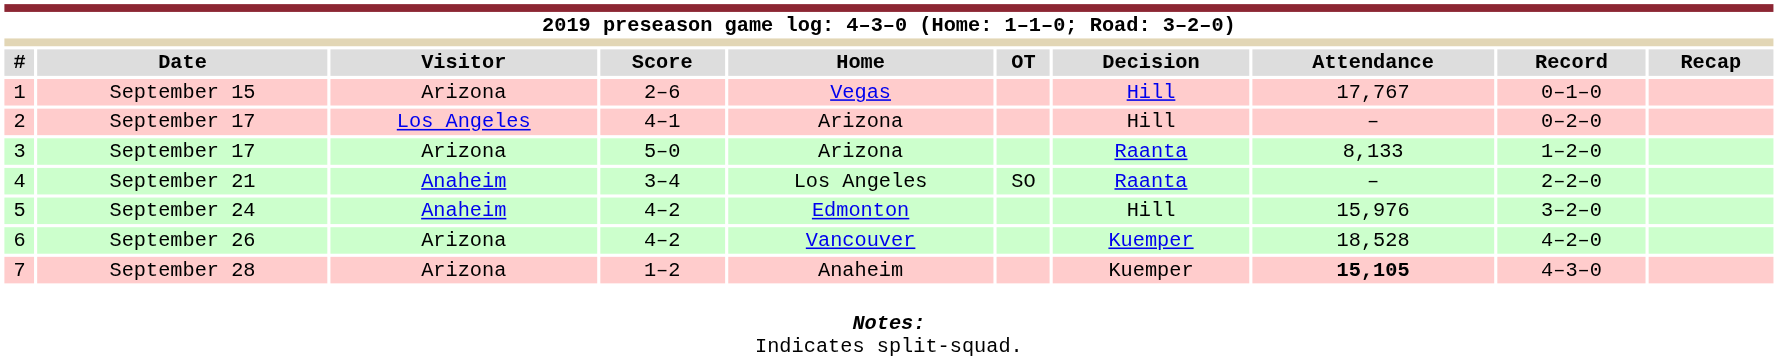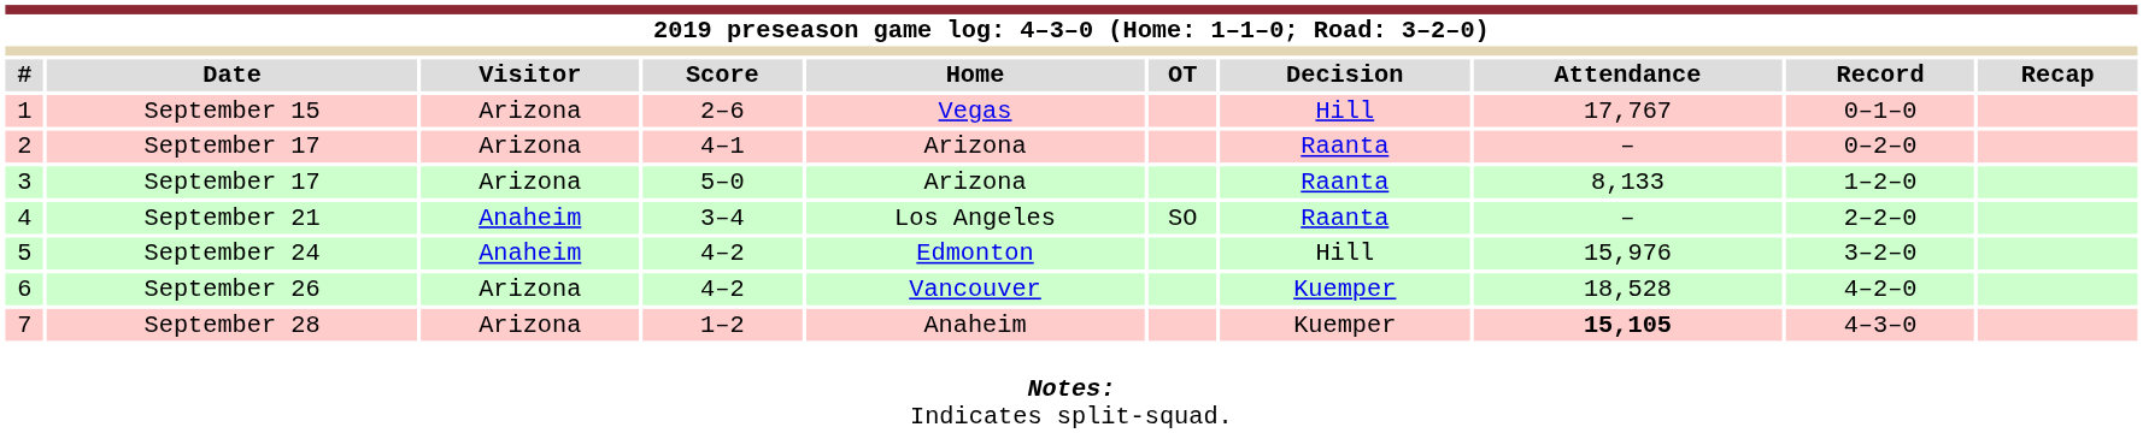 <table class="toccolours collapsible collapsed" style="width:90%; clear:both; margin:1.5em auto; text-align:center;">
 <tr>
 <th colspan="10" style="background:#FFFFFF; border-top:#8C2633 5px solid; border-bottom:#E2D6B5 5px solid;">2019 preseason game log: 4–3–0 (Home: 1–1–0; Road: 3–2–0)</th>
 </tr>
 <tr style="background:#ddd;">
 <th>#</th>
 <th>Date</th>
 <th>Visitor</th>
 <th>Score</th>
 <th>Home</th>
 <th>OT</th>
 <th>Decision</th>
 <th>Attendance</th>
 <th>Record</th>
 <th>Recap</th>
 </tr>
 <tr style="background:#fcc;">
 <td>1</td>
 <td>September 15</td>
 <td>Arizona</td>
 <td>2–6</td>
 <td><a href='#'>Vegas</a></td>
 <td></td>
 <td><a href='#'>Hill</a></td>
 <td>17,767</td>
 <td>0–1–0</td>
 <td></td>
 </tr>
 <tr style="background:#fcc;">
 <td>2</td>
 <td>September 17</td>
-<td><a href='#'>Los Angeles</a></td>
+<td>Arizona</td>
 <td>4–1</td>
 <td>Arizona</td>
 <td></td>
-<td>Hill</td>
+<td><a href='#'>Raanta</a></td>
 <td>–</td>
 <td>0–2–0</td>
 <td></td>
 </tr>
 <tr style="background:#cfc;">
 <td>3</td>
 <td>September 17</td>
 <td>Arizona</td>
 <td>5–0</td>
 <td>Arizona</td>
 <td></td>
 <td><a href='#'>Raanta</a></td>
 <td>8,133</td>
 <td>1–2–0</td>
 <td></td>
 </tr>
 <tr style="background:#cfc;">
 <td>4</td>
 <td>September 21</td>
 <td><a href='#'>Anaheim</a></td>
 <td>3–4</td>
 <td>Los Angeles</td>
 <td>SO</td>
 <td><a href='#'>Raanta</a></td>
 <td>–</td>
 <td>2–2–0</td>
 <td></td>
 </tr>
 <tr style="background:#cfc;">
 <td>5</td>
 <td>September 24</td>
 <td><a href='#'>Anaheim</a></td>
 <td>4–2</td>
 <td><a href='#'>Edmonton</a></td>
 <td></td>
 <td>Hill</td>
 <td>15,976</td>
 <td>3–2–0</td>
 <td></td>
 </tr>
 <tr style="background:#cfc;">
 <td>6</td>
 <td>September 26</td>
 <td>Arizona</td>
 <td>4–2</td>
 <td><a href='#'>Vancouver</a></td>
 <td></td>
 <td><a href='#'>Kuemper</a></td>
 <td>18,528</td>
 <td>4–2–0</td>
 <td></td>
 </tr>
 <tr style="background:#fcc;">
 <td>7</td>
 <td>September 28</td>
 <td>Arizona</td>
 <td>1–2</td>
 <td>Anaheim</td>
 <td></td>
 <td>Kuemper</td>
 <td><strong>15,105</strong></td>
 <td>4–3–0</td>
 <td></td>
 </tr>
 <tr>
 <td colspan="10" style="text-align:center;"><br><strong><em>Notes:</em></strong><br>  Indicates split-squad.</td>
 </tr>
 </table>
